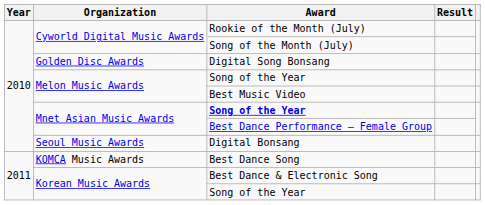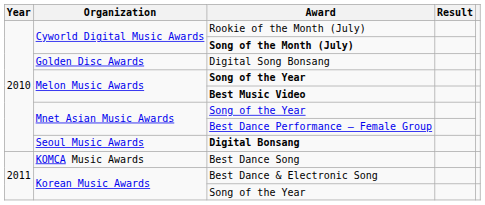 <table class="wikitable plainrowheaders">
 <tr>
 <th scope="col">Year</th>
 <th scope="col">Organization</th>
 <th scope="col">Award</th>
 <th scope="col">Result</th>
 <th class="unsortable"></th>
 </tr>
 <tr>
 <td rowspan="8">2010</td>
 <td rowspan="2"><a href='#'>Cyworld Digital Music Awards</a></td>
 <td>Rookie of the Month (July)</td>
 <td></td>
 <td align="center" rowspan="2"></td>
 </tr>
 <tr>
-<td>Song of the Month (July)</td>
+<td><strong>Song of the Month (July)</strong></td>
 <td></td>
 </tr>
 <tr>
 <td><a href='#'>Golden Disc Awards</a></td>
 <td>Digital Song Bonsang</td>
 <td></td>
 <td align="center"></td>
 </tr>
 <tr>
 <td rowspan="2"><a href='#'>Melon Music Awards</a></td>
-<td>Song of the Year</td>
+<td><strong>Song of the Year</strong></td>
 <td></td>
 <td></td>
 </tr>
 <tr>
-<td>Best Music Video</td>
+<td><strong>Best Music Video</strong></td>
 <td></td>
 <td></td>
 </tr>
 <tr>
 <td rowspan="2"><a href='#'>Mnet Asian Music Awards</a></td>
-<td><strong><a href='#'>Song of the Year</a></strong></td>
+<td><a href='#'>Song of the Year</a></td>
 <td></td>
 <td align="center" rowspan="2"></td>
 </tr>
 <tr>
 <td><a href='#'>Best Dance Performance – Female Group</a></td>
 <td></td>
 </tr>
 <tr>
 <td><a href='#'>Seoul Music Awards</a></td>
-<td>Digital Bonsang</td>
+<td><strong>Digital Bonsang</strong></td>
 <td></td>
 <td align="center"></td>
 </tr>
 <tr>
 <td rowspan="3">2011</td>
 <td><a href='#'>KOMCA</a> Music Awards</td>
 <td>Best Dance Song</td>
 <td></td>
 <td align="center"></td>
 </tr>
 <tr>
 <td rowspan="2"><a href='#'>Korean Music Awards</a></td>
 <td>Best Dance & Electronic Song</td>
 <td></td>
 <td align="center"></td>
 </tr>
 <tr>
 <td>Song of the Year</td>
 <td></td>
 <td align="center"></td>
 </tr>
 </table>
